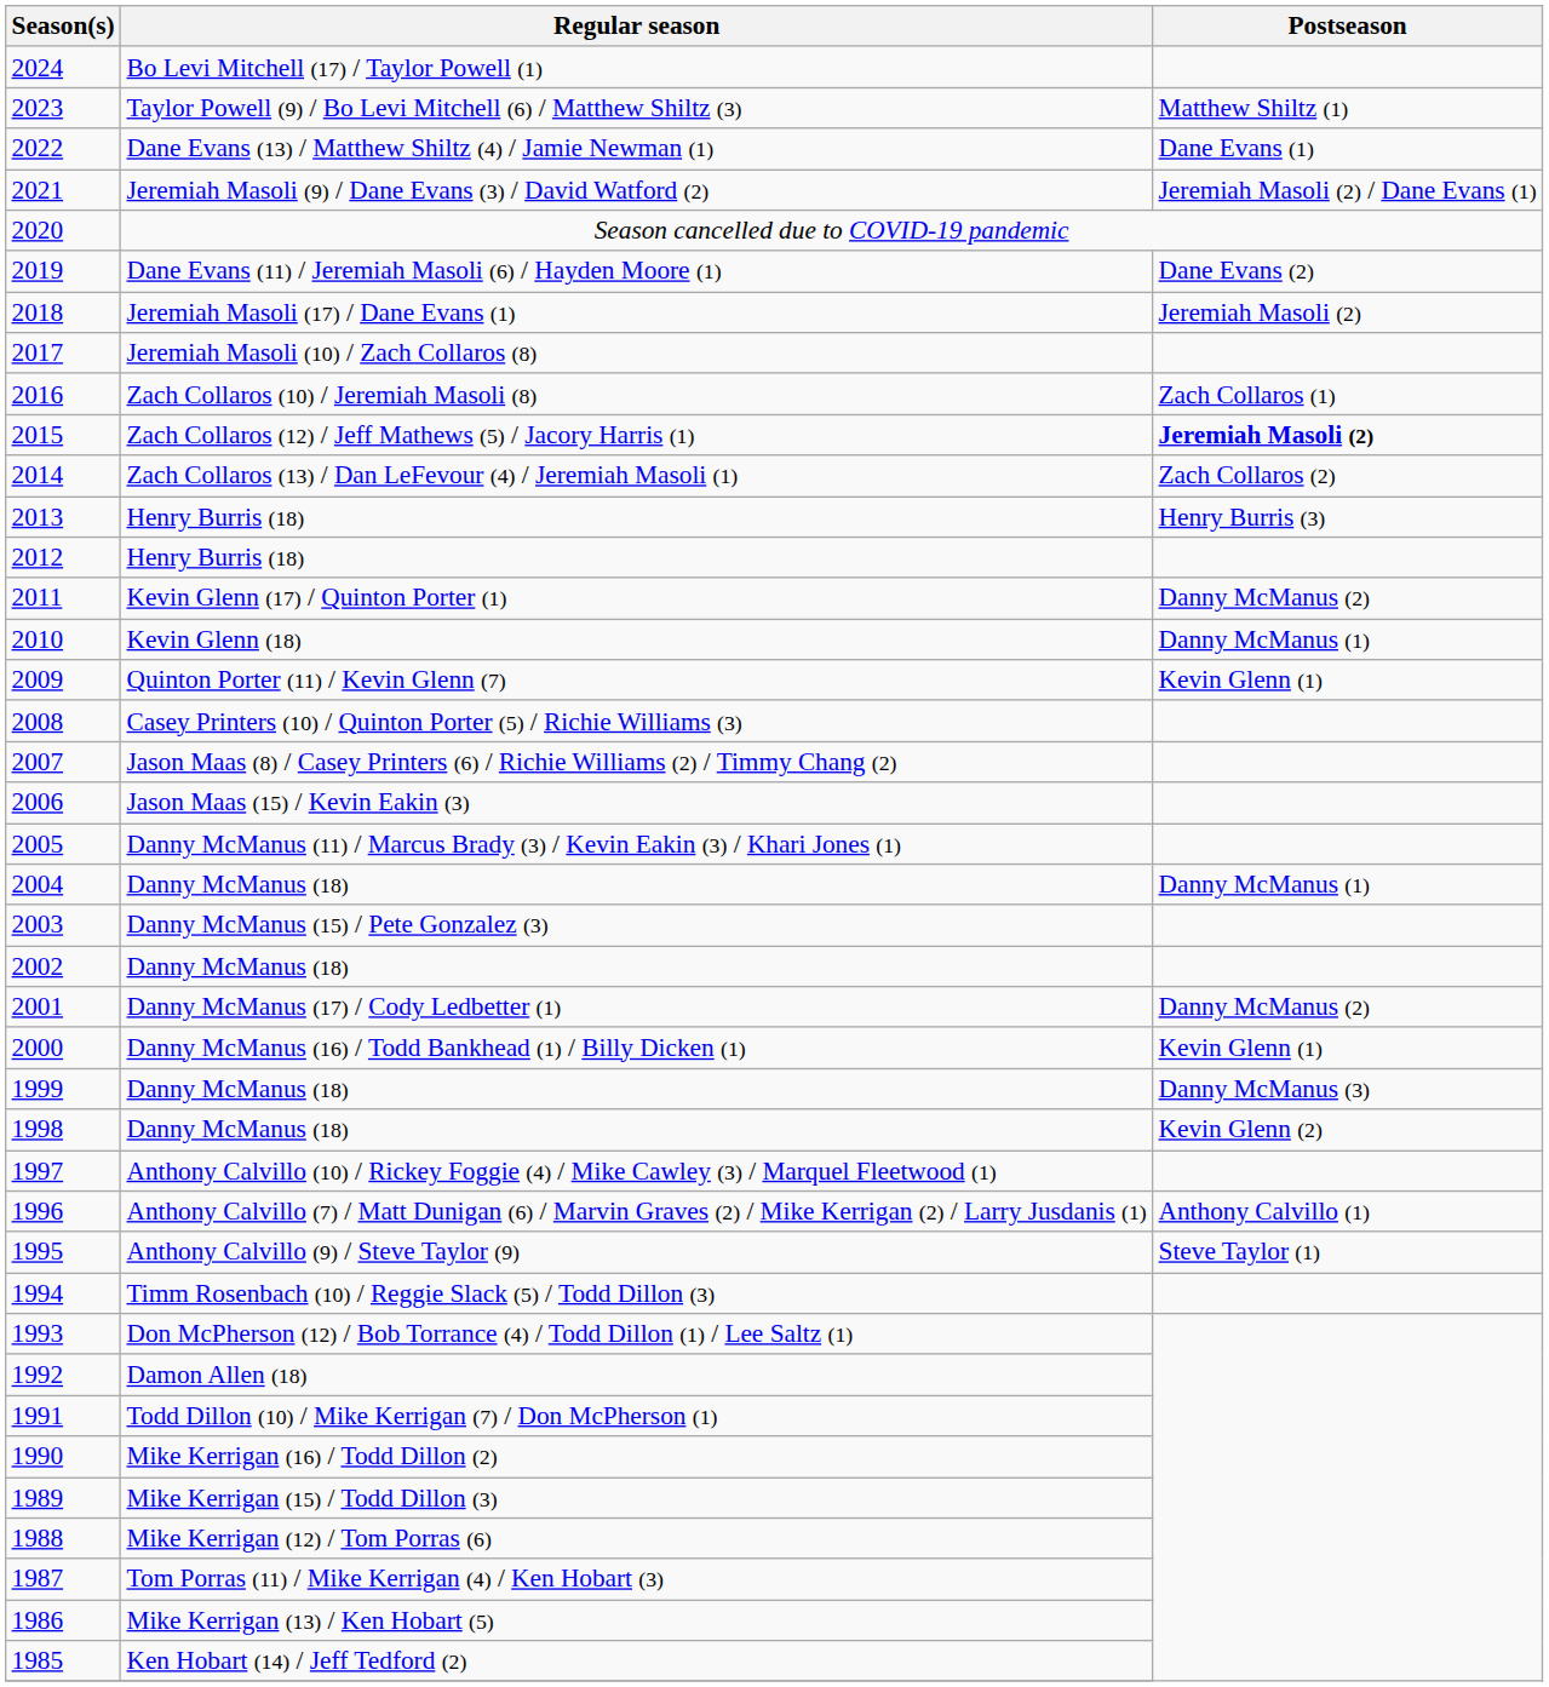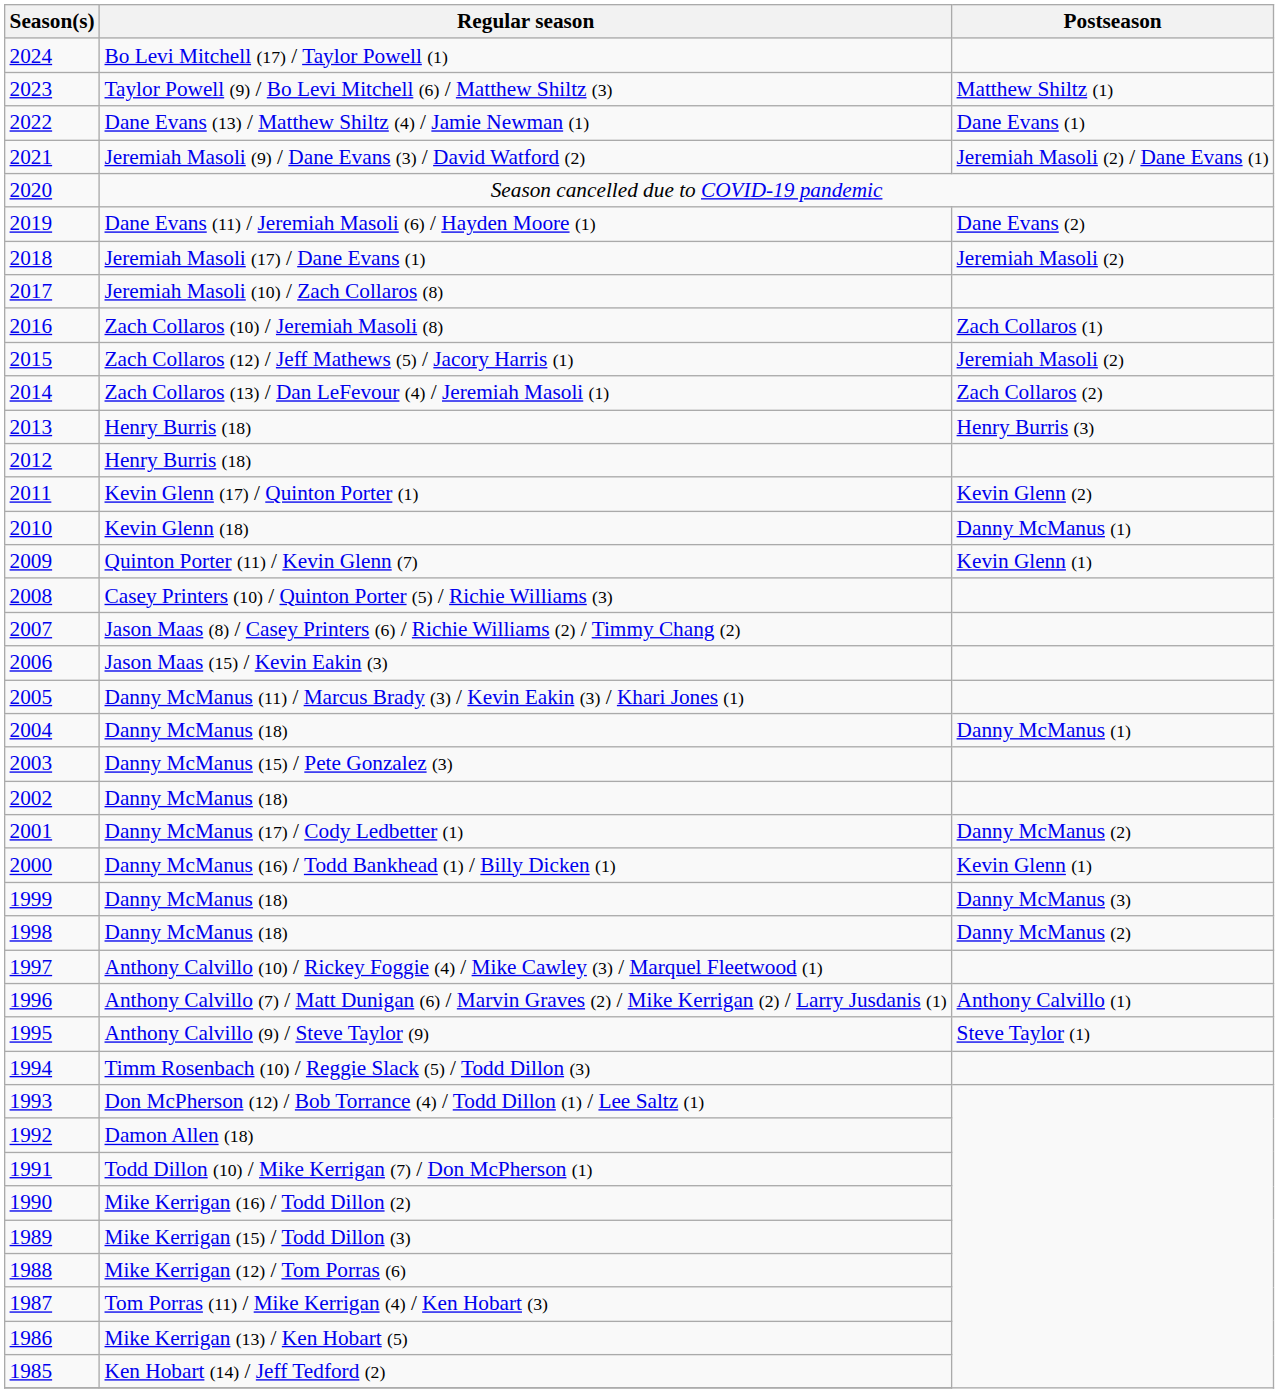 <table class="wikitable sortable">
 <tr>
 <th>Season(s)</th>
 <th>Regular season</th>
 <th>Postseason</th>
 </tr>
 <tr>
 <td align=left><a href='#'>2024</a></td>
 <td align=left><a href='#'>Bo Levi Mitchell</a> <small>(17)</small> / <a href='#'>Taylor Powell</a> <small>(1)</small></td>
 <td></td>
 </tr>
 <tr>
 <td align=left><a href='#'>2023</a></td>
 <td align=left><a href='#'>Taylor Powell</a> <small>(9)</small> / <a href='#'>Bo Levi Mitchell</a> <small>(6)</small> / <a href='#'>Matthew Shiltz</a> <small>(3)</small></td>
 <td><a href='#'>Matthew Shiltz</a> <small>(1)</small></td>
 </tr>
 <tr>
 <td align=left><a href='#'>2022</a></td>
 <td align=left><a href='#'>Dane Evans</a> <small>(13)</small> / <a href='#'>Matthew Shiltz</a> <small>(4)</small> / <a href='#'>Jamie Newman</a> <small>(1)</small></td>
 <td><a href='#'>Dane Evans</a> <small>(1)</small></td>
 </tr>
 <tr>
 <td align=left><a href='#'>2021</a></td>
 <td align=left><a href='#'>Jeremiah Masoli</a> <small>(9)</small> / <a href='#'>Dane Evans</a> <small>(3)</small> / <a href='#'>David Watford</a> <small>(2)</small></td>
 <td><a href='#'>Jeremiah Masoli</a> <small>(2)</small> / <a href='#'>Dane Evans</a> <small>(1)</small></td>
 </tr>
 <tr>
 <td align=left><a href='#'>2020</a></td>
 <td align="center" colSpan="2"><em>Season cancelled due to <a href='#'>COVID-19 pandemic</a></em></td>
 </tr>
 <tr>
 <td align=left><a href='#'>2019</a></td>
 <td align=left><a href='#'>Dane Evans</a> <small>(11)</small> / <a href='#'>Jeremiah Masoli</a> <small>(6)</small> / <a href='#'>Hayden Moore</a> <small>(1)</small></td>
 <td><a href='#'>Dane Evans</a> <small>(2)</small></td>
 </tr>
 <tr>
 <td align=left><a href='#'>2018</a></td>
 <td align=left><a href='#'>Jeremiah Masoli</a> <small>(17)</small> / <a href='#'>Dane Evans</a> <small>(1)</small></td>
 <td><a href='#'>Jeremiah Masoli</a> <small>(2)</small></td>
 </tr>
 <tr>
 <td align=left><a href='#'>2017</a></td>
 <td align=left><a href='#'>Jeremiah Masoli</a> <small>(10)</small> / <a href='#'>Zach Collaros</a> <small>(8)</small></td>
 <td></td>
 </tr>
 <tr>
 <td align=left><a href='#'>2016</a></td>
 <td align=left><a href='#'>Zach Collaros</a> <small>(10)</small> / <a href='#'>Jeremiah Masoli</a> <small>(8)</small></td>
 <td align=left><a href='#'>Zach Collaros</a> <small>(1)</small></td>
 </tr>
 <tr>
 <td align=left><a href='#'>2015</a></td>
 <td align=left><a href='#'>Zach Collaros</a> <small>(12)</small> / <a href='#'>Jeff Mathews</a> <small>(5)</small> / <a href='#'>Jacory Harris</a> <small>(1)</small></td>
-<td align=left><strong><a href='#'>Jeremiah Masoli</a> <small>(2)</small></strong></td>
+<td align=left><a href='#'>Jeremiah Masoli</a> <small>(2)</small></td>
 </tr>
 <tr>
 <td align=left><a href='#'>2014</a></td>
 <td align=left><a href='#'>Zach Collaros</a> <small>(13)</small> / <a href='#'>Dan LeFevour</a> <small>(4)</small> / <a href='#'>Jeremiah Masoli</a> <small>(1)</small></td>
 <td align=left><a href='#'>Zach Collaros</a> <small>(2)</small></td>
 </tr>
 <tr>
 <td align=left><a href='#'>2013</a></td>
 <td align=left><a href='#'>Henry Burris</a> <small>(18)</small></td>
 <td align=left><a href='#'>Henry Burris</a> <small>(3)</small></td>
 </tr>
 <tr>
 <td align=left><a href='#'>2012</a></td>
 <td align=left><a href='#'>Henry Burris</a> <small>(18)</small></td>
 <td></td>
 </tr>
 <tr>
 <td align=left><a href='#'>2011</a></td>
 <td align=left><a href='#'>Kevin Glenn</a> <small>(17)</small> / <a href='#'>Quinton Porter</a> <small>(1)</small></td>
-<td><a href='#'>Danny McManus</a> <small>(2)</small></td>
+<td align=left><a href='#'>Kevin Glenn</a> <small>(2)</small></td>
 </tr>
 <tr>
 <td align=left><a href='#'>2010</a></td>
 <td align=left><a href='#'>Kevin Glenn</a> <small>(18)</small></td>
 <td><a href='#'>Danny McManus</a> <small>(1)</small></td>
 </tr>
 <tr>
 <td align=left><a href='#'>2009</a></td>
 <td align=left><a href='#'>Quinton Porter</a> <small>(11)</small> / <a href='#'>Kevin Glenn</a> <small>(7)</small></td>
 <td align=left><a href='#'>Kevin Glenn</a> <small>(1)</small></td>
 </tr>
 <tr>
 <td align=left><a href='#'>2008</a></td>
 <td align=left><a href='#'>Casey Printers</a> <small>(10)</small> / <a href='#'>Quinton Porter</a> <small>(5)</small> / <a href='#'>Richie Williams</a> <small>(3)</small></td>
 <td></td>
 </tr>
 <tr>
 <td align=left><a href='#'>2007</a></td>
 <td align=left><a href='#'>Jason Maas</a> <small>(8)</small> / <a href='#'>Casey Printers</a> <small>(6)</small> / <a href='#'>Richie Williams</a> <small>(2)</small> / <a href='#'>Timmy Chang</a> <small>(2)</small></td>
 <td></td>
 </tr>
 <tr>
 <td align=left><a href='#'>2006</a></td>
 <td align=left><a href='#'>Jason Maas</a> <small>(15)</small> / <a href='#'>Kevin Eakin</a> <small>(3)</small></td>
 <td></td>
 </tr>
 <tr>
 <td align=left><a href='#'>2005</a></td>
 <td align=left><a href='#'>Danny McManus</a> <small>(11)</small> / <a href='#'>Marcus Brady</a> <small>(3)</small> / <a href='#'>Kevin Eakin</a> <small>(3)</small> / <a href='#'>Khari Jones</a> <small>(1)</small></td>
 <td></td>
 </tr>
 <tr>
 <td align=left><a href='#'>2004</a></td>
 <td align=left><a href='#'>Danny McManus</a> <small>(18)</small></td>
 <td><a href='#'>Danny McManus</a> <small>(1)</small></td>
 </tr>
 <tr>
 <td align=left><a href='#'>2003</a></td>
 <td align=left><a href='#'>Danny McManus</a> <small>(15)</small> / <a href='#'>Pete Gonzalez</a> <small>(3)</small></td>
 <td></td>
 </tr>
 <tr>
 <td align=left><a href='#'>2002</a></td>
 <td align=left><a href='#'>Danny McManus</a> <small>(18)</small></td>
 <td></td>
 </tr>
 <tr>
 <td align=left><a href='#'>2001</a></td>
 <td align=left><a href='#'>Danny McManus</a> <small>(17)</small> / <a href='#'>Cody Ledbetter</a> <small>(1)</small></td>
 <td><a href='#'>Danny McManus</a> <small>(2)</small></td>
 </tr>
 <tr>
 <td align=left><a href='#'>2000</a></td>
 <td align=left><a href='#'>Danny McManus</a> <small>(16)</small> / <a href='#'>Todd Bankhead</a> <small>(1)</small> / <a href='#'>Billy Dicken</a> <small>(1)</small></td>
 <td align=left><a href='#'>Kevin Glenn</a> <small>(1)</small></td>
 </tr>
 <tr>
 <td align=left><a href='#'>1999</a></td>
 <td align=left><a href='#'>Danny McManus</a> <small>(18)</small></td>
 <td><a href='#'>Danny McManus</a> <small>(3)</small></td>
 </tr>
 <tr>
 <td align=left><a href='#'>1998</a></td>
 <td align=left><a href='#'>Danny McManus</a> <small>(18)</small></td>
-<td align=left><a href='#'>Kevin Glenn</a> <small>(2)</small></td>
+<td><a href='#'>Danny McManus</a> <small>(2)</small></td>
 </tr>
 <tr>
 <td align=left><a href='#'>1997</a></td>
 <td align=left><a href='#'>Anthony Calvillo</a> <small>(10)</small> / <a href='#'>Rickey Foggie</a> <small>(4)</small> / <a href='#'>Mike Cawley</a> <small>(3)</small> / <a href='#'>Marquel Fleetwood</a> <small>(1)</small></td>
 <td></td>
 </tr>
 <tr>
 <td align=left><a href='#'>1996</a></td>
 <td align=left><a href='#'>Anthony Calvillo</a> <small>(7)</small> / <a href='#'>Matt Dunigan</a> <small>(6)</small> / <a href='#'>Marvin Graves</a> <small>(2)</small> / <a href='#'>Mike Kerrigan</a> <small>(2)</small> / <a href='#'>Larry Jusdanis</a> <small>(1)</small></td>
 <td><a href='#'>Anthony Calvillo</a> <small>(1)</small></td>
 </tr>
 <tr>
 <td align=left><a href='#'>1995</a></td>
 <td align=left><a href='#'>Anthony Calvillo</a> <small>(9)</small> / <a href='#'>Steve Taylor</a> <small>(9)</small></td>
 <td><a href='#'>Steve Taylor</a> <small>(1)</small></td>
 </tr>
 <tr>
 <td align=left><a href='#'>1994</a></td>
 <td align=left><a href='#'>Timm Rosenbach</a> <small>(10)</small> / <a href='#'>Reggie Slack</a> <small>(5)</small> / <a href='#'>Todd Dillon</a> <small>(3)</small></td>
 <td></td>
 </tr>
 <tr>
 <td align=left><a href='#'>1993</a></td>
 <td align=left><a href='#'>Don McPherson</a> <small>(12)</small> / <a href='#'>Bob Torrance</a> <small>(4)</small> / <a href='#'>Todd Dillon</a> <small>(1)</small> / <a href='#'>Lee Saltz</a> <small>(1)</small></td>
 </tr>
 <tr>
 <td align=left><a href='#'>1992</a></td>
 <td align=left><a href='#'>Damon Allen</a> <small>(18)</small></td>
 </tr>
 <tr>
 <td align=left><a href='#'>1991</a></td>
 <td align=left><a href='#'>Todd Dillon</a> <small>(10)</small> / <a href='#'>Mike Kerrigan</a> <small>(7)</small> / <a href='#'>Don McPherson</a> <small>(1)</small></td>
 </tr>
 <tr>
 <td align=left><a href='#'>1990</a></td>
 <td align=left><a href='#'>Mike Kerrigan</a> <small>(16)</small> / <a href='#'>Todd Dillon</a> <small>(2)</small></td>
 </tr>
 <tr>
 <td align=left><a href='#'>1989</a></td>
 <td align=left><a href='#'>Mike Kerrigan</a> <small>(15)</small> / <a href='#'>Todd Dillon</a> <small>(3)</small></td>
 </tr>
 <tr>
 <td align=left><a href='#'>1988</a></td>
 <td align=left><a href='#'>Mike Kerrigan</a> <small>(12)</small> / <a href='#'>Tom Porras</a> <small>(6)</small></td>
 </tr>
 <tr>
 <td align=left><a href='#'>1987</a></td>
 <td align=left><a href='#'>Tom Porras</a> <small>(11)</small> / <a href='#'>Mike Kerrigan</a> <small>(4)</small> / <a href='#'>Ken Hobart</a> <small>(3)</small></td>
 </tr>
 <tr>
 <td align=left><a href='#'>1986</a></td>
 <td align=left><a href='#'>Mike Kerrigan</a> <small>(13)</small> / <a href='#'>Ken Hobart</a> <small>(5)</small></td>
 </tr>
 <tr>
 <td align=left><a href='#'>1985</a></td>
 <td align=left><a href='#'>Ken Hobart</a> <small>(14)</small> / <a href='#'>Jeff Tedford</a> <small>(2)</small></td>
 </tr>
 <tr>
 </tr>
 </table>
